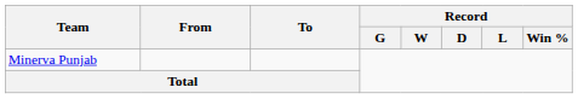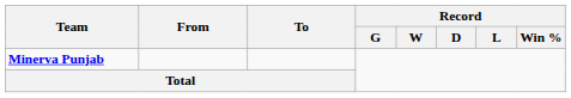 <table class="wikitable" style="text-align: center">
 <tr>
 <th rowspan=2! width=150>Team</th>
 <th rowspan=2! width=120>From</th>
 <th rowspan=2! width=120>To</th>
 <th colspan=7>Record</th>
 </tr>
 <tr>
 <th width=40>G</th>
 <th width=40>W</th>
 <th width=40>D</th>
 <th width=40>L</th>
 <th width=50>Win %</th>
 </tr>
 <tr>
-<td align=left><a href='#'>Minerva Punjab</a></td>
+<td align=left><strong><a href='#'>Minerva Punjab</a></strong></td>
 <td align=left></td>
 <td align=left><br></td>
 </tr>
 <tr>
 <th colspan="3">Total<br></th>
 </tr>
 </table>
